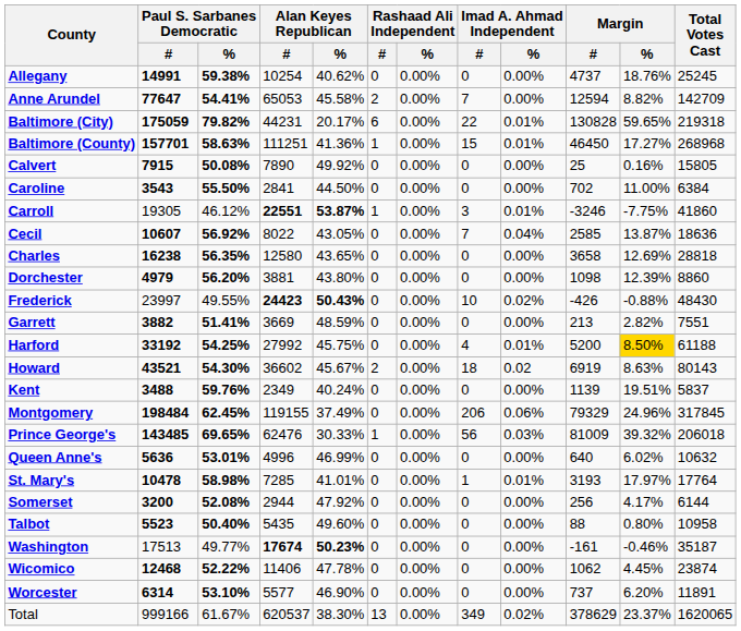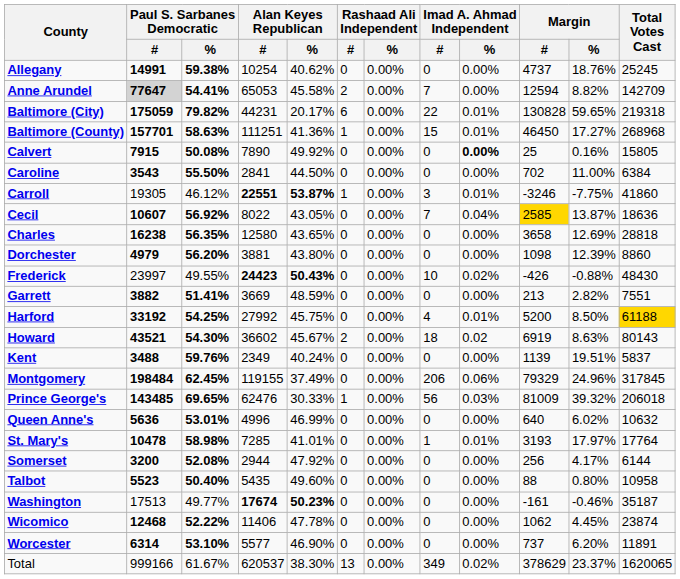 <table class="wikitable sortable">
 <tr>
 <th rowspan="2">County</th>
 <th colspan="2" >Paul S. Sarbanes<br>Democratic</th>
 <th colspan="2" >Alan Keyes<br>Republican</th>
 <th colspan="2" >Rashaad Ali<br>Independent</th>
 <th colspan="2" >Imad A. Ahmad<br>Independent</th>
 <th colspan="2">Margin</th>
 <th rowspan="2">Total<br>Votes<br>Cast</th>
 </tr>
 <tr>
 <th>#</th>
 <th>%</th>
 <th>#</th>
 <th>%</th>
 <th>#</th>
 <th>%</th>
 <th>#</th>
 <th>%</th>
 <th>#</th>
 <th>%</th>
 </tr>
 <tr>
 <td><strong><a href='#'>Allegany</a></strong></td>
 <td><strong>14991</strong></td>
 <td><strong>59.38%</strong></td>
 <td>10254</td>
 <td>40.62%</td>
 <td>0</td>
 <td>0.00%</td>
 <td>0</td>
 <td>0.00%</td>
 <td>4737</td>
 <td>18.76%</td>
 <td>25245</td>
 </tr>
 <tr>
 <td><strong><a href='#'>Anne Arundel</a></strong></td>
-<td><strong>77647</strong></td>
+<td style="background: lightgrey;"><strong>77647</strong></td>
 <td><strong>54.41%</strong></td>
 <td>65053</td>
 <td>45.58%</td>
 <td>2</td>
 <td>0.00%</td>
 <td>7</td>
 <td>0.00%</td>
 <td>12594</td>
 <td>8.82%</td>
 <td>142709</td>
 </tr>
 <tr>
 <td><strong><a href='#'>Baltimore (City)</a></strong></td>
 <td><strong>175059</strong></td>
 <td><strong>79.82%</strong></td>
 <td>44231</td>
 <td>20.17%</td>
 <td>6</td>
 <td>0.00%</td>
 <td>22</td>
 <td>0.01%</td>
 <td>130828</td>
 <td>59.65%</td>
 <td>219318</td>
 </tr>
 <tr>
 <td><strong><a href='#'>Baltimore (County)</a></strong></td>
 <td><strong>157701</strong></td>
 <td><strong>58.63%</strong></td>
 <td>111251</td>
 <td>41.36%</td>
 <td>1</td>
 <td>0.00%</td>
 <td>15</td>
 <td>0.01%</td>
 <td>46450</td>
 <td>17.27%</td>
 <td>268968</td>
 </tr>
 <tr>
 <td><strong><a href='#'>Calvert</a></strong></td>
 <td><strong>7915</strong></td>
 <td><strong>50.08%</strong></td>
 <td>7890</td>
 <td>49.92%</td>
 <td>0</td>
 <td>0.00%</td>
 <td>0</td>
-<td>0.00%</td>
+<td><strong>0.00%</strong></td>
 <td>25</td>
 <td>0.16%</td>
 <td>15805</td>
 </tr>
 <tr>
 <td><strong><a href='#'>Caroline</a></strong></td>
 <td><strong>3543</strong></td>
 <td><strong>55.50%</strong></td>
 <td>2841</td>
 <td>44.50%</td>
 <td>0</td>
 <td>0.00%</td>
 <td>0</td>
 <td>0.00%</td>
 <td>702</td>
 <td>11.00%</td>
 <td>6384</td>
 </tr>
 <tr>
 <td><strong><a href='#'>Carroll</a></strong></td>
 <td>19305</td>
 <td>46.12%</td>
 <td><strong>22551</strong></td>
 <td><strong>53.87%</strong></td>
 <td>1</td>
 <td>0.00%</td>
 <td>3</td>
 <td>0.01%</td>
 <td>-3246</td>
 <td>-7.75%</td>
 <td>41860</td>
 </tr>
 <tr>
 <td><strong><a href='#'>Cecil</a></strong></td>
 <td><strong>10607</strong></td>
 <td><strong>56.92%</strong></td>
 <td>8022</td>
 <td>43.05%</td>
 <td>0</td>
 <td>0.00%</td>
 <td>7</td>
 <td>0.04%</td>
-<td>2585</td>
+<td style="background: gold;">2585</td>
 <td>13.87%</td>
 <td>18636</td>
 </tr>
 <tr>
 <td><strong><a href='#'>Charles</a></strong></td>
 <td><strong>16238</strong></td>
 <td><strong>56.35%</strong></td>
 <td>12580</td>
 <td>43.65%</td>
 <td>0</td>
 <td>0.00%</td>
 <td>0</td>
 <td>0.00%</td>
 <td>3658</td>
 <td>12.69%</td>
 <td>28818</td>
 </tr>
 <tr>
 <td><strong><a href='#'>Dorchester</a></strong></td>
 <td><strong>4979</strong></td>
 <td><strong>56.20%</strong></td>
 <td>3881</td>
 <td>43.80%</td>
 <td>0</td>
 <td>0.00%</td>
 <td>0</td>
 <td>0.00%</td>
 <td>1098</td>
 <td>12.39%</td>
 <td>8860</td>
 </tr>
 <tr>
 <td><strong><a href='#'>Frederick</a></strong></td>
 <td>23997</td>
 <td>49.55%</td>
 <td><strong>24423</strong></td>
 <td><strong>50.43%</strong></td>
 <td>0</td>
 <td>0.00%</td>
 <td>10</td>
 <td>0.02%</td>
 <td>-426</td>
 <td>-0.88%</td>
 <td>48430</td>
 </tr>
 <tr>
 <td><strong><a href='#'>Garrett</a></strong></td>
 <td><strong>3882</strong></td>
 <td><strong>51.41%</strong></td>
 <td>3669</td>
 <td>48.59%</td>
 <td>0</td>
 <td>0.00%</td>
 <td>0</td>
 <td>0.00%</td>
 <td>213</td>
 <td>2.82%</td>
 <td>7551</td>
 </tr>
 <tr>
 <td><strong><a href='#'>Harford</a></strong></td>
 <td><strong>33192</strong></td>
 <td><strong>54.25%</strong></td>
 <td>27992</td>
 <td>45.75%</td>
 <td>0</td>
 <td>0.00%</td>
 <td>4</td>
 <td>0.01%</td>
 <td>5200</td>
-<td style="background: gold;">8.50%</td>
-<td>61188</td>
+<td>8.50%</td>
+<td style="background: gold;">61188</td>
 </tr>
 <tr>
 <td><strong><a href='#'>Howard</a></strong></td>
 <td><strong>43521</strong></td>
 <td><strong>54.30%</strong></td>
 <td>36602</td>
 <td>45.67%</td>
 <td>2</td>
 <td>0.00%</td>
 <td>18</td>
 <td>0.02</td>
 <td>6919</td>
 <td>8.63%</td>
 <td>80143</td>
 </tr>
 <tr>
 <td><strong><a href='#'>Kent</a></strong></td>
 <td><strong>3488</strong></td>
 <td><strong>59.76%</strong></td>
 <td>2349</td>
 <td>40.24%</td>
 <td>0</td>
 <td>0.00%</td>
 <td>0</td>
 <td>0.00%</td>
 <td>1139</td>
 <td>19.51%</td>
 <td>5837</td>
 </tr>
 <tr>
 <td><strong><a href='#'>Montgomery</a></strong></td>
 <td><strong>198484</strong></td>
 <td><strong>62.45%</strong></td>
 <td>119155</td>
 <td>37.49%</td>
 <td>0</td>
 <td>0.00%</td>
 <td>206</td>
 <td>0.06%</td>
 <td>79329</td>
 <td>24.96%</td>
 <td>317845</td>
 </tr>
 <tr>
 <td><strong><a href='#'>Prince George's</a></strong></td>
 <td><strong>143485</strong></td>
 <td><strong>69.65%</strong></td>
 <td>62476</td>
 <td>30.33%</td>
 <td>1</td>
 <td>0.00%</td>
 <td>56</td>
 <td>0.03%</td>
 <td>81009</td>
 <td>39.32%</td>
 <td>206018</td>
 </tr>
 <tr>
 <td><strong><a href='#'>Queen Anne's</a></strong></td>
 <td><strong>5636</strong></td>
 <td><strong>53.01%</strong></td>
 <td>4996</td>
 <td>46.99%</td>
 <td>0</td>
 <td>0.00%</td>
 <td>0</td>
 <td>0.00%</td>
 <td>640</td>
 <td>6.02%</td>
 <td>10632</td>
 </tr>
 <tr>
 <td><strong><a href='#'>St. Mary's</a></strong></td>
 <td><strong>10478</strong></td>
 <td><strong>58.98%</strong></td>
 <td>7285</td>
 <td>41.01%</td>
 <td>0</td>
 <td>0.00%</td>
 <td>1</td>
 <td>0.01%</td>
 <td>3193</td>
 <td>17.97%</td>
 <td>17764</td>
 </tr>
 <tr>
 <td><strong><a href='#'>Somerset</a></strong></td>
 <td><strong>3200</strong></td>
 <td><strong>52.08%</strong></td>
 <td>2944</td>
 <td>47.92%</td>
 <td>0</td>
 <td>0.00%</td>
 <td>0</td>
 <td>0.00%</td>
 <td>256</td>
 <td>4.17%</td>
 <td>6144</td>
 </tr>
 <tr>
 <td><strong><a href='#'>Talbot</a></strong></td>
 <td><strong>5523</strong></td>
 <td><strong>50.40%</strong></td>
 <td>5435</td>
 <td>49.60%</td>
 <td>0</td>
 <td>0.00%</td>
 <td>0</td>
 <td>0.00%</td>
 <td>88</td>
 <td>0.80%</td>
 <td>10958</td>
 </tr>
 <tr>
 <td><strong><a href='#'>Washington</a></strong></td>
 <td>17513</td>
 <td>49.77%</td>
 <td><strong>17674</strong></td>
 <td><strong>50.23%</strong></td>
 <td>0</td>
 <td>0.00%</td>
 <td>0</td>
 <td>0.00%</td>
 <td>-161</td>
 <td>-0.46%</td>
 <td>35187</td>
 </tr>
 <tr>
 <td><strong><a href='#'>Wicomico</a></strong></td>
 <td><strong>12468</strong></td>
 <td><strong>52.22%</strong></td>
 <td>11406</td>
 <td>47.78%</td>
 <td>0</td>
 <td>0.00%</td>
 <td>0</td>
 <td>0.00%</td>
 <td>1062</td>
 <td>4.45%</td>
 <td>23874</td>
 </tr>
 <tr>
 <td><strong><a href='#'>Worcester</a></strong></td>
 <td><strong>6314</strong></td>
 <td><strong>53.10%</strong></td>
 <td>5577</td>
 <td>46.90%</td>
 <td>0</td>
 <td>0.00%</td>
 <td>0</td>
 <td>0.00%</td>
 <td>737</td>
 <td>6.20%</td>
 <td>11891</td>
 </tr>
 <tr>
 <td>Total</td>
 <td>999166</td>
 <td>61.67%</td>
 <td>620537</td>
 <td>38.30%</td>
 <td>13</td>
 <td>0.00%</td>
 <td>349</td>
 <td>0.02%</td>
 <td>378629</td>
 <td>23.37%</td>
 <td>1620065</td>
 </tr>
 </table>
